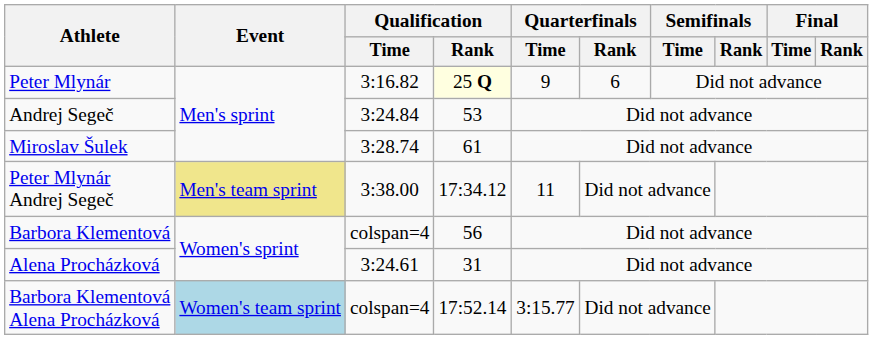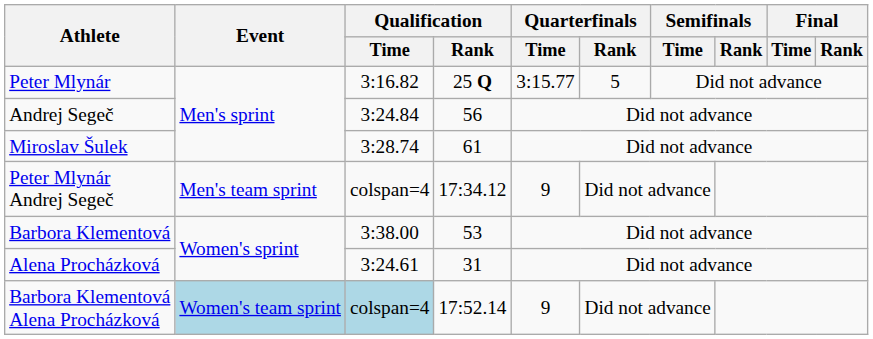 <table class="wikitable" style="font-size:90%">
 <tr>
 <th rowspan=2>Athlete</th>
 <th rowspan=2>Event</th>
 <th colspan=2>Qualification</th>
 <th colspan=2>Quarterfinals</th>
 <th colspan=2>Semifinals</th>
 <th colspan=2>Final</th>
 </tr>
 <tr style="font-size:95%">
 <th>Time</th>
 <th>Rank</th>
 <th>Time</th>
 <th>Rank</th>
 <th>Time</th>
 <th>Rank</th>
 <th>Time</th>
 <th>Rank</th>
 </tr>
 <tr align=center>
 <td align=left><a href='#'>Peter Mlynár</a></td>
 <td align=left rowspan=3><a href='#'>Men's sprint</a></td>
 <td>3:16.82</td>
-<td style="background: lightyellow;">25 <strong>Q</strong></td>
-<td>9</td>
-<td>6</td>
+<td>25 <strong>Q</strong></td>
+<td>3:15.77</td>
+<td>5</td>
 <td colspan=4>Did not advance</td>
 </tr>
 <tr align=center>
 <td align=left>Andrej Segeč</td>
 <td>3:24.84</td>
-<td>53</td>
+<td>56</td>
 <td colspan=6>Did not advance</td>
 </tr>
 <tr align=center>
 <td align=left><a href='#'>Miroslav Šulek</a></td>
 <td>3:28.74</td>
 <td>61</td>
 <td colspan=6>Did not advance</td>
 </tr>
 <tr align=center>
 <td align=left><a href='#'>Peter Mlynár</a><br>Andrej Segeč</td>
-<td align=left style="background: khaki;"><a href='#'>Men's team sprint</a></td>
-<td>3:38.00</td>
+<td align=left><a href='#'>Men's team sprint</a></td>
+<td>colspan=4 </td>
 <td>17:34.12</td>
-<td>11</td>
+<td>9</td>
 <td colspan=2>Did not advance</td>
 </tr>
 <tr align=center>
 <td align=left><a href='#'>Barbora Klementová</a></td>
 <td align=left rowspan=2><a href='#'>Women's sprint</a></td>
-<td>colspan=4 </td>
-<td>56</td>
+<td>3:38.00</td>
+<td>53</td>
 <td colspan=6>Did not advance</td>
 </tr>
 <tr align=center>
 <td align=left><a href='#'>Alena Procházková</a></td>
 <td>3:24.61</td>
 <td>31</td>
 <td colspan=6>Did not advance</td>
 </tr>
 <tr align=center>
 <td align=left><a href='#'>Barbora Klementová</a><br><a href='#'>Alena Procházková</a></td>
 <td align=left style="background: lightblue;"><a href='#'>Women's team sprint</a></td>
-<td>colspan=4 </td>
+<td style="background: lightblue;">colspan=4 </td>
 <td>17:52.14</td>
-<td>3:15.77</td>
+<td>9</td>
 <td colspan=2>Did not advance</td>
 </tr>
 </table>
